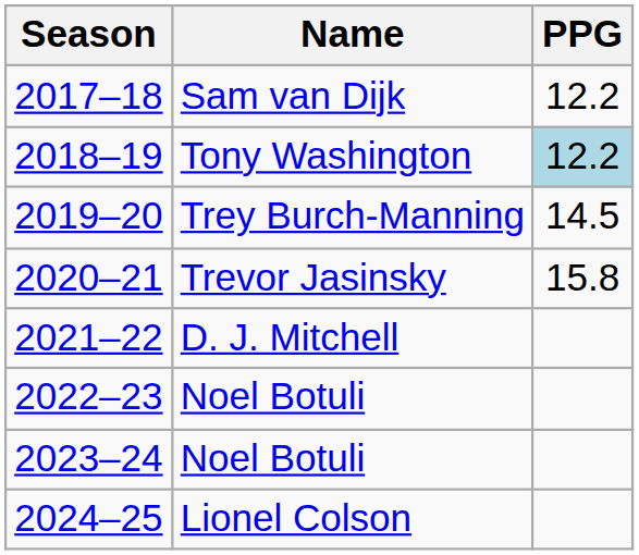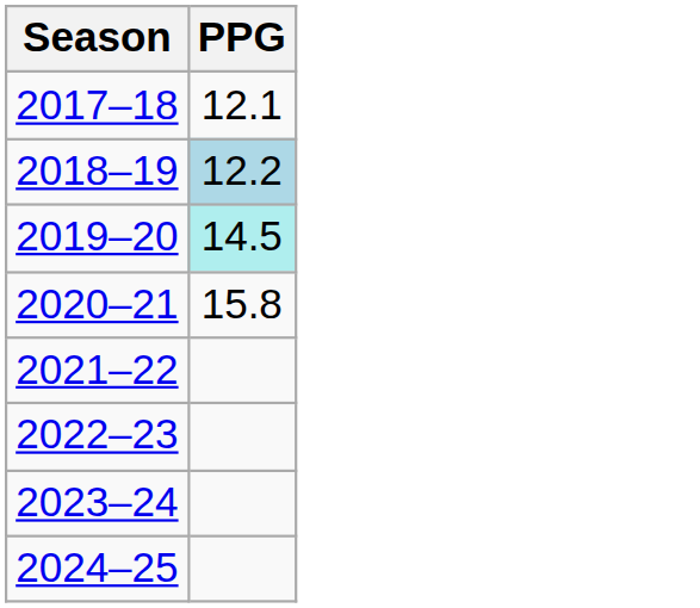 <table class="wikitable">
 <tr>
 <th>Season</th>
-<th>Name</th>
 <th>PPG</th>
 </tr>
 <tr>
 <td><a href='#'>2017–18</a></td>
-<td> <a href='#'>Sam van Dijk</a></td>
-<td style="text-align:center;">12.2</td>
+<td style="text-align:center;">12.1</td>
 </tr>
 <tr>
 <td><a href='#'>2018–19</a></td>
-<td> <a href='#'>Tony Washington</a></td>
 <td style="background: lightblue; text-align:center;">12.2</td>
 </tr>
 <tr>
 <td><a href='#'>2019–20</a></td>
-<td> <a href='#'>Trey Burch-Manning</a></td>
-<td style="text-align:center;">14.5</td>
+<td style="background: paleturquoise; text-align:center;">14.5</td>
 </tr>
 <tr>
 <td><a href='#'>2020–21</a></td>
-<td> <a href='#'>Trevor Jasinsky</a></td>
 <td style="text-align:center;">15.8</td>
 </tr>
 <tr>
 <td><a href='#'>2021–22</a></td>
-<td> <a href='#'>D. J. Mitchell</a></td>
 <td></td>
 </tr>
 <tr>
 <td><a href='#'>2022–23</a></td>
-<td> <a href='#'>Noel Botuli</a></td>
 <td></td>
 </tr>
 <tr>
 <td><a href='#'>2023–24</a></td>
-<td> <a href='#'>Noel Botuli</a></td>
 <td></td>
 </tr>
 <tr>
 <td><a href='#'>2024–25</a></td>
-<td> <a href='#'>Lionel Colson</a></td>
 <td></td>
 </tr>
 </table>
